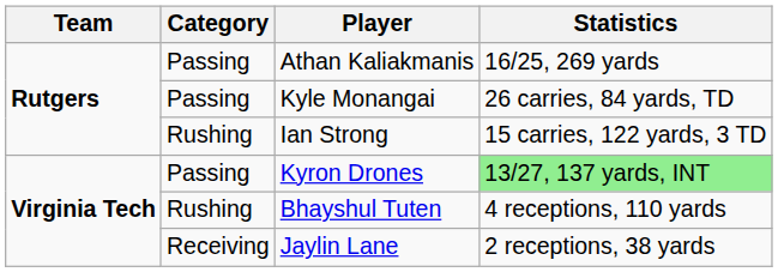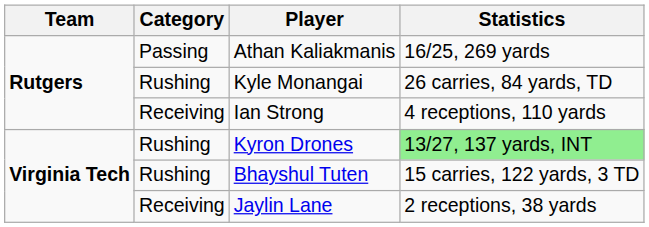 <table class="wikitable" style="float: right;">
 <tr>
 <th>Team</th>
 <th>Category</th>
 <th>Player</th>
 <th>Statistics</th>
 </tr>
 <tr>
 <td rowspan=3><strong>Rutgers</strong></td>
 <td>Passing</td>
 <td>Athan Kaliakmanis</td>
 <td>16/25, 269 yards</td>
 </tr>
 <tr>
-<td>Passing</td>
+<td>Rushing</td>
 <td>Kyle Monangai</td>
 <td>26 carries, 84 yards, TD</td>
 </tr>
 <tr>
-<td>Rushing</td>
+<td>Receiving</td>
 <td>Ian Strong</td>
-<td>15 carries, 122 yards, 3 TD</td>
+<td>4 receptions, 110 yards</td>
 </tr>
 <tr>
 <td rowspan=3><strong>Virginia Tech</strong></td>
-<td>Passing</td>
+<td>Rushing</td>
 <td><a href='#'>Kyron Drones</a></td>
 <td style="background: lightgreen;">13/27, 137 yards, INT</td>
 </tr>
 <tr>
 <td>Rushing</td>
 <td><a href='#'>Bhayshul Tuten</a></td>
-<td>4 receptions, 110 yards</td>
+<td>15 carries, 122 yards, 3 TD</td>
 </tr>
 <tr>
 <td>Receiving</td>
 <td><a href='#'>Jaylin Lane</a></td>
 <td>2 receptions, 38 yards</td>
 </tr>
 </table>
